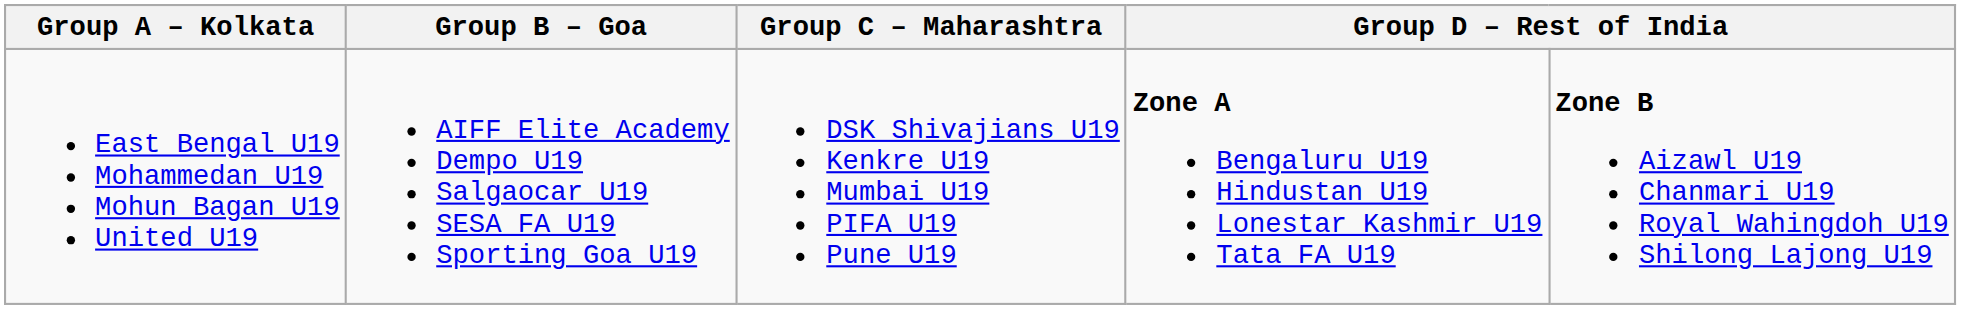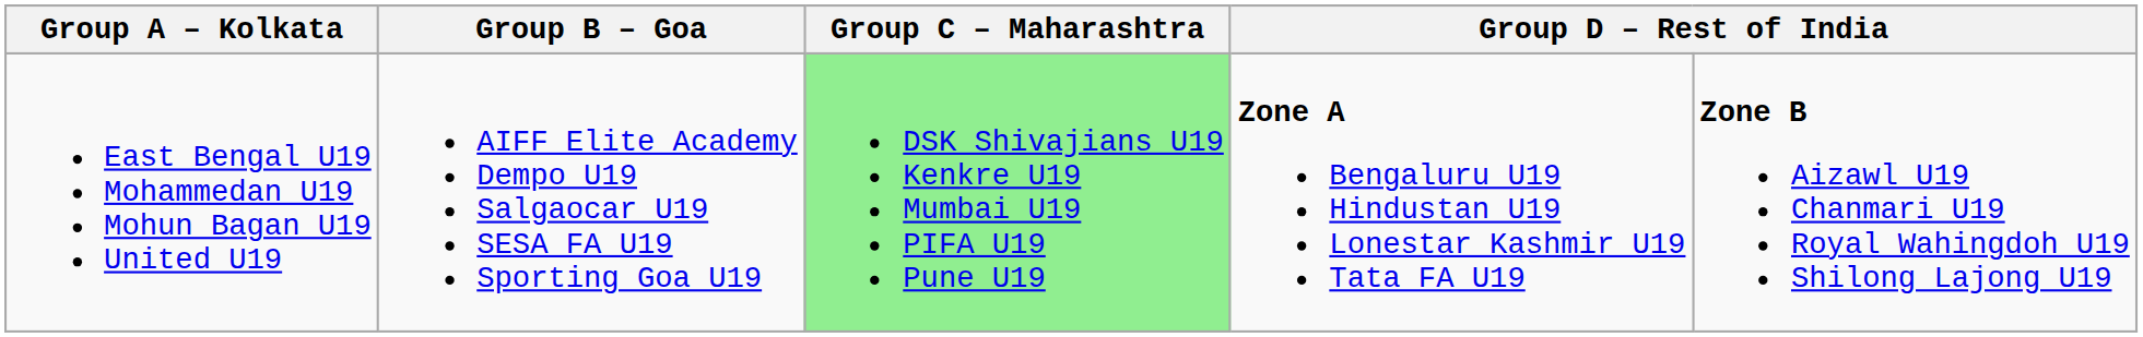 <table class=wikitable>
 <tr>
 <th>Group A – Kolkata</th>
 <th>Group B – Goa</th>
 <th>Group C – Maharashtra</th>
 <th colspan=2>Group D – Rest of India</th>
 </tr>
 <tr>
 <td><br><ul><li><a href='#'>East Bengal U19</a></li><li><a href='#'>Mohammedan U19</a></li><li><a href='#'>Mohun Bagan U19</a></li><li><a href='#'>United U19</a></li></ul></td>
 <td><br><ul><li><a href='#'>AIFF Elite Academy</a></li><li><a href='#'>Dempo U19</a></li><li><a href='#'>Salgaocar U19</a></li><li><a href='#'>SESA FA U19</a></li><li><a href='#'>Sporting Goa U19</a></li></ul></td>
-<td><br><ul><li><a href='#'>DSK Shivajians U19</a></li><li><a href='#'>Kenkre U19</a></li><li><a href='#'>Mumbai U19</a></li><li><a href='#'>PIFA U19</a></li><li><a href='#'>Pune U19</a></li></ul></td>
+<td style="background: lightgreen;"><br><ul><li><a href='#'>DSK Shivajians U19</a></li><li><a href='#'>Kenkre U19</a></li><li><a href='#'>Mumbai U19</a></li><li><a href='#'>PIFA U19</a></li><li><a href='#'>Pune U19</a></li></ul></td>
 <td><br><strong>Zone A</strong><ul><li><a href='#'>Bengaluru U19</a></li><li><a href='#'>Hindustan U19</a></li><li><a href='#'>Lonestar Kashmir U19</a></li><li><a href='#'>Tata FA U19</a></li></ul></td>
 <td><br><strong>Zone B</strong><ul><li><a href='#'>Aizawl U19</a></li><li><a href='#'>Chanmari U19</a></li><li><a href='#'>Royal Wahingdoh U19</a></li><li><a href='#'>Shilong Lajong U19</a></li></ul></td>
 </tr>
 </table>
